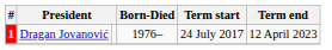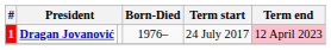 <table class="wikitable" style="text-align:center">
 <tr>
 <th>#</th>
 <th colspan="2">President</th>
 <th>Born-Died</th>
 <th>Term start</th>
 <th>Term end</th>
 </tr>
 <tr>
 <th style="background:red; color:white;">1</th>
-<td><a href='#'>Dragan Jovanović</a></td>
+<td><strong><a href='#'>Dragan Jovanović</a></strong></td>
 <td></td>
 <td>1976–</td>
 <td>24 July 2017</td>
-<td>12 April 2023</td>
+<td style="background: pink;">12 April 2023</td>
 </tr>
 <tr>
 </tr>
 </table>
